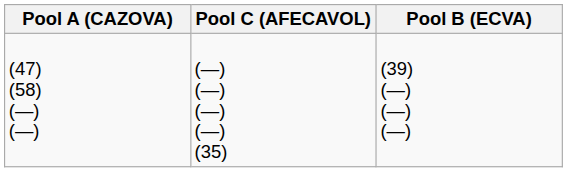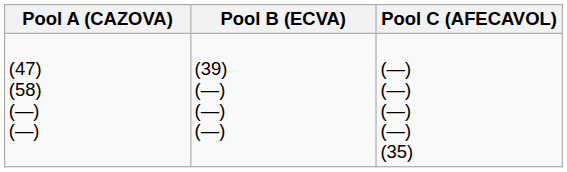 <table class="wikitable">
 <tr>
 <th width=33%>Pool A (CAZOVA)</th>
+<th width=33%>Pool B (ECVA)</th>
 <th width=33%>Pool C (AFECAVOL)</th>
-<th width=33%>Pool B (ECVA)</th>
 </tr>
 <tr>
 <td valign=top><br> (47)<br>  (58)<br>  (—)<br>  (—)</td>
+<td valign=top><br> (39)<br>  (—)<br>  (—)<br>  (—)</td>
 <td><br> (—)<br>  (—)<br>  (—)<br>  (—)<br>  (35)</td>
-<td valign=top><br> (39)<br>  (—)<br>  (—)<br>  (—)</td>
 </tr>
 </table>
